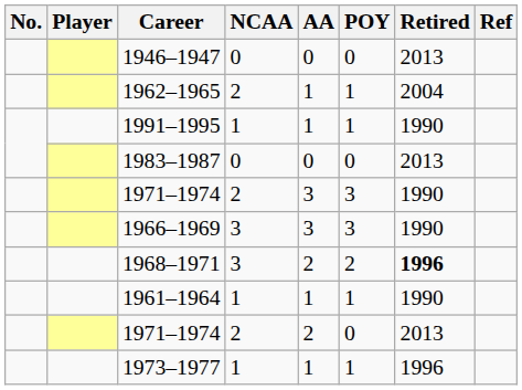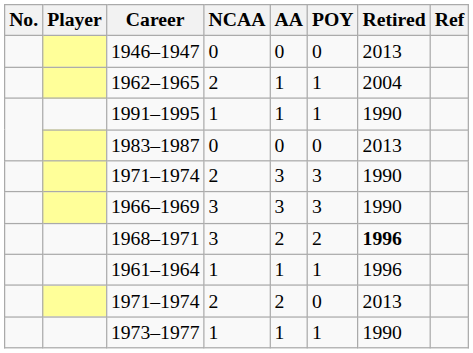 <table class="wikitable sortable" >
 <tr bgcolor="#efefef">
 <th style="background-color:#">No.</th>
 <th style="background-color:#">Player</th>
 <th style="background-color:#">Career</th>
 <th style="background-color:#">NCAA</th>
 <th style="background-color:#">AA</th>
 <th style="background-color:#">POY</th>
 <th style="background-color:#">Retired</th>
 <th class="unsortable" style="background-color:#">Ref</th>
 </tr>
 <tr>
 <td></td>
 <td style="background:#FFFF99;"></td>
 <td>1946–1947</td>
 <td>0</td>
 <td>0</td>
 <td>0</td>
 <td>2013</td>
 <td></td>
 </tr>
 <tr>
 <td></td>
 <td style="background:#FFFF99;"></td>
 <td>1962–1965</td>
 <td>2</td>
 <td>1</td>
 <td>1</td>
 <td>2004</td>
 <td></td>
 </tr>
 <tr>
 <td rowspan=2></td>
 <td></td>
 <td>1991–1995</td>
 <td>1</td>
 <td>1</td>
 <td>1</td>
 <td>1990</td>
 <td></td>
 </tr>
 <tr>
 <td style="background:#FFFF99;"></td>
 <td>1983–1987</td>
 <td>0</td>
 <td>0</td>
 <td>0</td>
 <td>2013</td>
 <td></td>
 </tr>
 <tr>
 <td></td>
 <td style="background:#FFFF99;"></td>
 <td>1971–1974</td>
 <td>2</td>
 <td>3</td>
 <td>3</td>
 <td>1990</td>
 <td></td>
 </tr>
 <tr>
 <td></td>
 <td style="background:#FFFF99;"></td>
 <td>1966–1969</td>
 <td>3</td>
 <td>3</td>
 <td>3</td>
 <td>1990</td>
 <td></td>
 </tr>
 <tr>
 <td></td>
 <td></td>
 <td>1968–1971</td>
 <td>3</td>
 <td>2</td>
 <td>2</td>
 <td><strong>1996</strong></td>
 <td></td>
 </tr>
 <tr>
 <td></td>
 <td></td>
 <td>1961–1964</td>
 <td>1</td>
 <td>1</td>
 <td>1</td>
-<td>1990</td>
+<td>1996</td>
 <td></td>
 </tr>
 <tr>
 <td></td>
 <td style="background:#FFFF99;"></td>
 <td>1971–1974</td>
 <td>2</td>
 <td>2</td>
 <td>0</td>
 <td>2013</td>
 <td></td>
 </tr>
 <tr>
 <td></td>
 <td></td>
 <td>1973–1977</td>
 <td>1</td>
 <td>1</td>
 <td>1</td>
-<td>1996</td>
+<td>1990</td>
 <td></td>
 </tr>
 </table>
